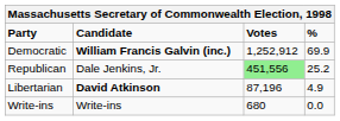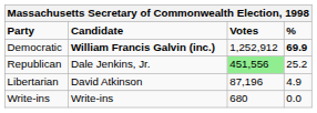 <table class="wikitable">
 <tr>
 <th colspan="4">Massachusetts Secretary of Commonwealth Election, 1998</th>
 </tr>
 <tr>
 <td><strong>Party</strong></td>
 <td><strong>Candidate</strong></td>
 <td><strong>Votes</strong></td>
 <td><strong>%</strong></td>
 </tr>
 <tr>
 <td>Democratic</td>
 <td><strong>William Francis Galvin (inc.)</strong></td>
 <td>1,252,912</td>
-<td>69.9</td>
+<td><strong>69.9</strong></td>
 </tr>
 <tr>
 <td>Republican</td>
 <td>Dale Jenkins, Jr.</td>
 <td style="background: lightgreen;">451,556</td>
 <td>25.2</td>
 </tr>
 <tr>
 <td>Libertarian</td>
-<td><strong>David Atkinson</strong></td>
+<td>David Atkinson</td>
 <td>87,196</td>
 <td>4.9</td>
 </tr>
 <tr>
 <td>Write-ins</td>
 <td>Write-ins</td>
 <td>680</td>
 <td>0.0</td>
 </tr>
 </table>
